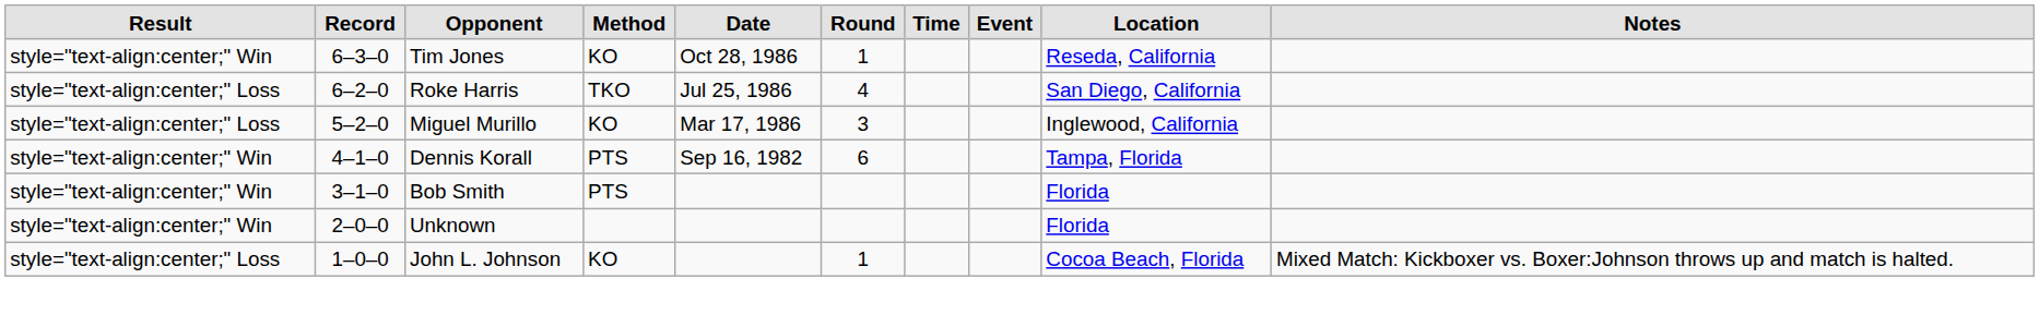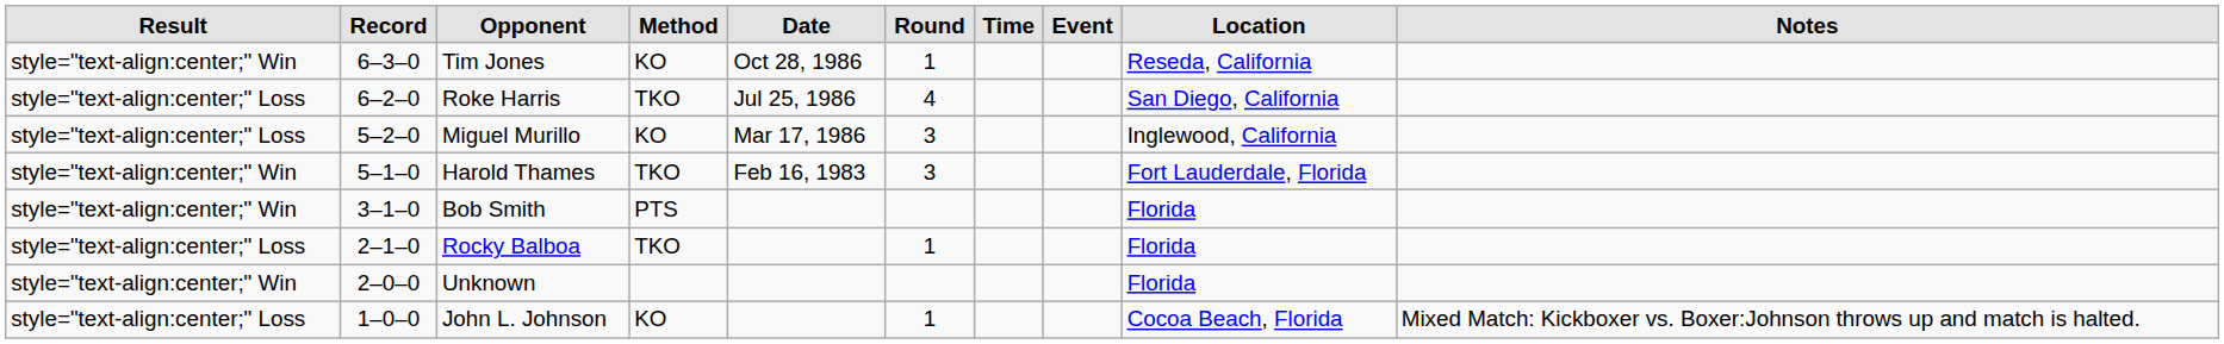 <table class="wikitable sortable" style="font-size:80%; text-align:left; width:100%;">
 <tr>
 <th style="border-style:none none solid solid; background:#e3e3e3;">Result</th>
 <th style="border-style:none none solid solid; background:#e3e3e3;">Record</th>
 <th style="border-style:none none solid solid; background:#e3e3e3;">Opponent</th>
 <th style="border-style:none none solid solid; background:#e3e3e3;">Method</th>
 <th style="border-style:none none solid solid; background:#e3e3e3;">Date</th>
 <th style="border-style:none none solid solid; background:#e3e3e3;">Round</th>
 <th style="border-style:none none solid solid; background:#e3e3e3;">Time</th>
 <th style="border-style:none none solid solid; background:#e3e3e3;">Event</th>
 <th style="border-style:none none solid solid; background:#e3e3e3;">Location</th>
 <th style="border-style:none none solid solid; background:#e3e3e3;">Notes</th>
 </tr>
 <tr>
 <td>style="text-align:center;" Win</td>
 <td style="text-align:center;">6–3–0</td>
 <td align='left'>Tim Jones</td>
 <td align='left'>KO</td>
 <td align='left'>Oct 28, 1986</td>
 <td style="text-align:center;">1</td>
 <td style="text-align:center;"></td>
 <td align='left'></td>
 <td><a href='#'>Reseda</a>, <a href='#'>California</a></td>
 <td></td>
 </tr>
 <tr>
 <td>style="text-align:center;" Loss</td>
 <td style="text-align:center;">6–2–0</td>
 <td align='left'>Roke Harris</td>
 <td align='left'>TKO</td>
 <td align='left'>Jul 25, 1986</td>
 <td style="text-align:center;">4</td>
 <td style="text-align:center;"></td>
 <td align='left'></td>
 <td><a href='#'>San Diego</a>, <a href='#'>California</a></td>
 <td></td>
 </tr>
 <tr>
 <td>style="text-align:center;" Loss</td>
 <td style="text-align:center;">5–2–0</td>
 <td align='left'>Miguel Murillo</td>
 <td align='left'>KO</td>
 <td align='left'>Mar 17, 1986</td>
 <td style="text-align:center;">3</td>
 <td style="text-align:center;"></td>
 <td align='left'></td>
 <td>Inglewood, <a href='#'>California</a></td>
 <td></td>
 </tr>
 <tr>
 <td>style="text-align:center;" Win</td>
-<td style="text-align:center;">4–1–0</td>
-<td align='left'>Dennis Korall</td>
-<td align='left'>PTS</td>
-<td align='left'>Sep 16, 1982</td>
-<td style="text-align:center;">6</td>
+<td style="text-align:center;">5–1–0</td>
+<td align='left'>Harold Thames</td>
+<td align='left'>TKO</td>
+<td align='left'>Feb 16, 1983</td>
+<td style="text-align:center;">3</td>
 <td style="text-align:center;"></td>
 <td align='left'></td>
-<td><a href='#'>Tampa</a>, <a href='#'>Florida</a></td>
+<td><a href='#'>Fort Lauderdale</a>, <a href='#'>Florida</a></td>
 <td></td>
 </tr>
 <tr>
 <td>style="text-align:center;" Win</td>
 <td style="text-align:center;">3–1–0</td>
 <td align='left'>Bob Smith</td>
 <td align='left'>PTS</td>
 <td align='left'></td>
 <td style="text-align:center;"></td>
+<td style="text-align:center;"></td>
+<td align='left'></td>
+<td><a href='#'>Florida</a></td>
+<td></td>
+</tr>
+<tr>
+<td>style="text-align:center;" Loss</td>
+<td style="text-align:center;">2–1–0</td>
+<td align='left'><a href='#'>Rocky Balboa</a></td>
+<td align='left'>TKO</td>
+<td align='left'></td>
+<td style="text-align:center;">1</td>
 <td style="text-align:center;"></td>
 <td align='left'></td>
 <td><a href='#'>Florida</a></td>
 <td></td>
 </tr>
 <tr>
 <td>style="text-align:center;" Win</td>
 <td style="text-align:center;">2–0–0</td>
 <td align='left'>Unknown</td>
 <td align='left'></td>
 <td align='left'></td>
 <td style="text-align:center;"></td>
 <td style="text-align:center;"></td>
 <td align='left'></td>
 <td><a href='#'>Florida</a></td>
 <td></td>
 </tr>
 <tr>
 <td>style="text-align:center;" Loss</td>
 <td style="text-align:center;">1–0–0</td>
 <td align='left'>John L. Johnson</td>
 <td align='left'>KO</td>
 <td align='left'></td>
 <td style="text-align:center;">1</td>
 <td style="text-align:center;"></td>
 <td align='left'></td>
 <td><a href='#'>Cocoa Beach</a>, <a href='#'>Florida</a></td>
 <td>Mixed Match: Kickboxer vs. Boxer:Johnson throws up and match is halted.</td>
 </tr>
 </table>
